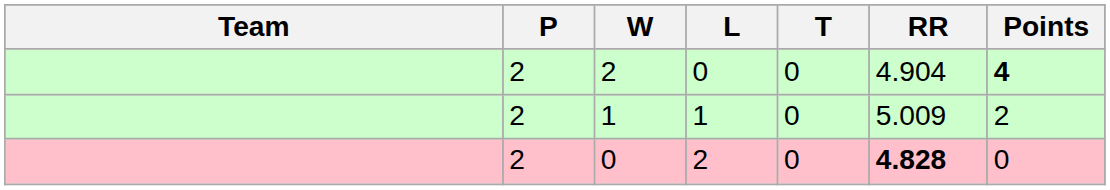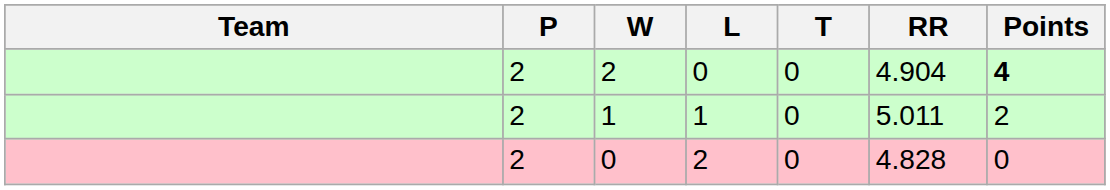 <table class="wikitable">
 <tr>
 <th width=38%>Team</th>
 <th width=7%>P</th>
 <th width=7%>W</th>
 <th width=7%>L</th>
 <th width=7%>T</th>
 <th width=9%>RR</th>
 <th width=9%>Points</th>
 </tr>
 <tr bgcolor=ccffcc>
 <td align=left></td>
 <td>2</td>
 <td>2</td>
 <td>0</td>
 <td>0</td>
 <td>4.904</td>
 <td><strong>4</strong></td>
 </tr>
 <tr bgcolor=ccffcc>
 <td align=left></td>
 <td>2</td>
 <td>1</td>
 <td>1</td>
 <td>0</td>
-<td>5.009</td>
+<td>5.011</td>
 <td>2</td>
 </tr>
 <tr bgcolor=pink>
 <td align=left></td>
 <td>2</td>
 <td>0</td>
 <td>2</td>
 <td>0</td>
-<td><strong>4.828</strong></td>
+<td>4.828</td>
 <td>0</td>
 </tr>
 </table>
